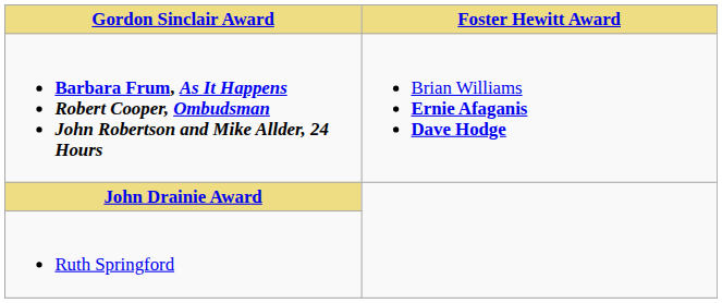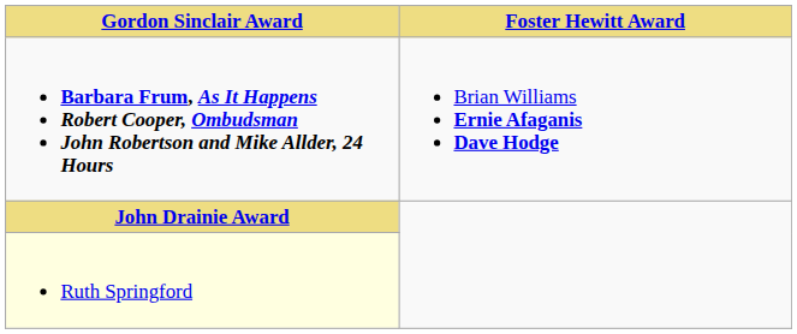 <table class=wikitable width="100%">
 <tr>
 <th style="background:#EEDD82; width:50%"><a href='#'>Gordon Sinclair Award</a></th>
 <th style="background:#EEDD82; width:50%"><a href='#'>Foster Hewitt Award</a></th>
 </tr>
 <tr>
 <td valign="top"><br><ul><li> <strong><a href='#'>Barbara Frum</a>, <em><a href='#'>As It Happens</a><strong><em></li><li>Robert Cooper, </em><a href='#'>Ombudsman</a><em></li><li>John Robertson and Mike Allder, </em>24 Hours<em></li></ul></td>
 <td valign="top"><br><ul><li> </strong><a href='#'>Brian Williams</a><strong></li><li><a href='#'>Ernie Afaganis</a></li><li><a href='#'>Dave Hodge</a></li></ul></td>
 </tr>
 <tr>
 <th style="background:#EEDD82; width:50%"><a href='#'>John Drainie Award</a></th>
 </tr>
 <tr>
-<td valign="top"><br><ul><li> </strong><a href='#'>Ruth Springford</a><strong></li></ul></td>
+<td valign="top" style="background: lightyellow;"><br><ul><li> </strong><a href='#'>Ruth Springford</a><strong></li></ul></td>
 </tr>
 </table>
